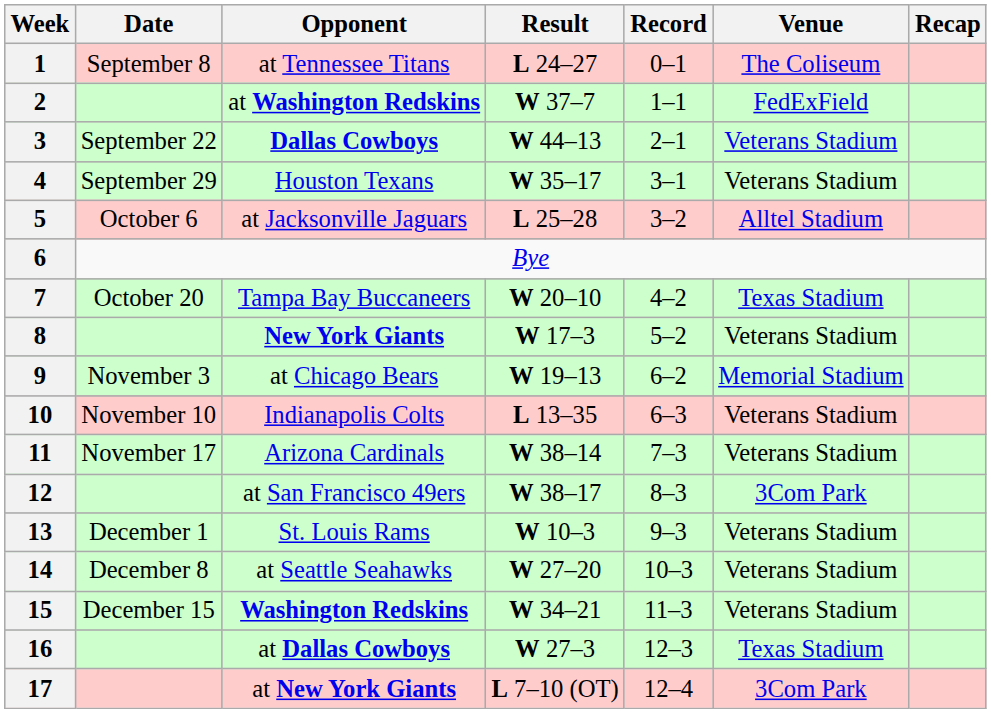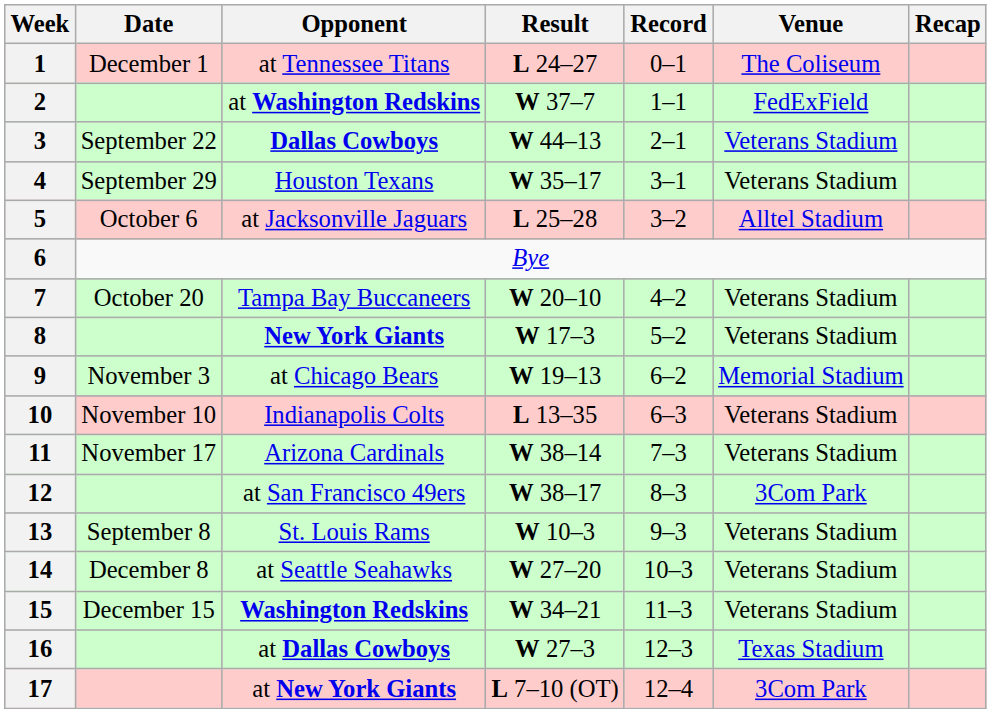 <table class="wikitable" style="text-align:center">
 <tr>
 <th>Week</th>
 <th>Date</th>
 <th>Opponent</th>
 <th>Result</th>
 <th>Record</th>
 <th>Venue</th>
 <th>Recap</th>
 </tr>
 <tr style="background:#fcc">
 <th>1</th>
-<td>September 8</td>
+<td>December 1</td>
 <td>at <a href='#'>Tennessee Titans</a></td>
 <td><strong>L</strong> 24–27</td>
 <td>0–1</td>
 <td><a href='#'>The Coliseum</a></td>
 <td></td>
 </tr>
 <tr style="background:#cfc">
 <th>2</th>
 <td></td>
 <td>at <strong><a href='#'>Washington Redskins</a></strong></td>
 <td><strong>W</strong> 37–7</td>
 <td>1–1</td>
 <td><a href='#'>FedExField</a></td>
 <td></td>
 </tr>
 <tr style="background:#cfc">
 <th>3</th>
 <td>September 22</td>
 <td><strong><a href='#'>Dallas Cowboys</a></strong></td>
 <td><strong>W</strong> 44–13</td>
 <td>2–1</td>
 <td><a href='#'>Veterans Stadium</a></td>
 <td></td>
 </tr>
 <tr style="background:#cfc">
 <th>4</th>
 <td>September 29</td>
 <td><a href='#'>Houston Texans</a></td>
 <td><strong>W</strong> 35–17</td>
 <td>3–1</td>
 <td>Veterans Stadium</td>
 <td></td>
 </tr>
 <tr style="background:#fcc">
 <th>5</th>
 <td>October 6</td>
 <td>at <a href='#'>Jacksonville Jaguars</a></td>
 <td><strong>L</strong> 25–28</td>
 <td>3–2</td>
 <td><a href='#'>Alltel Stadium</a></td>
 <td></td>
 </tr>
 <tr>
 <th>6</th>
 <td colspan="6"><em><a href='#'>Bye</a></em></td>
 </tr>
 <tr style="background:#cfc">
 <th>7</th>
 <td>October 20</td>
 <td><a href='#'>Tampa Bay Buccaneers</a></td>
 <td><strong>W</strong> 20–10</td>
 <td>4–2</td>
-<td><a href='#'>Texas Stadium</a></td>
+<td>Veterans Stadium</td>
 <td></td>
 </tr>
 <tr style="background:#cfc">
 <th>8</th>
 <td></td>
 <td><strong><a href='#'>New York Giants</a></strong></td>
 <td><strong>W</strong> 17–3</td>
 <td>5–2</td>
 <td>Veterans Stadium</td>
 <td></td>
 </tr>
 <tr style="background:#cfc">
 <th>9</th>
 <td>November 3</td>
 <td>at <a href='#'>Chicago Bears</a></td>
 <td><strong>W</strong> 19–13</td>
 <td>6–2</td>
 <td><a href='#'>Memorial Stadium</a></td>
 <td></td>
 </tr>
 <tr style="background:#fcc">
 <th>10</th>
 <td>November 10</td>
 <td><a href='#'>Indianapolis Colts</a></td>
 <td><strong>L</strong> 13–35</td>
 <td>6–3</td>
 <td>Veterans Stadium</td>
 <td></td>
 </tr>
 <tr style="background:#cfc">
 <th>11</th>
 <td>November 17</td>
 <td><a href='#'>Arizona Cardinals</a></td>
 <td><strong>W</strong> 38–14</td>
 <td>7–3</td>
 <td>Veterans Stadium</td>
 <td></td>
 </tr>
 <tr style="background:#cfc">
 <th>12</th>
 <td></td>
 <td>at <a href='#'>San Francisco 49ers</a></td>
 <td><strong>W</strong> 38–17</td>
 <td>8–3</td>
 <td><a href='#'>3Com Park</a></td>
 <td></td>
 </tr>
 <tr style="background:#cfc">
 <th>13</th>
-<td>December 1</td>
+<td>September 8</td>
 <td><a href='#'>St. Louis Rams</a></td>
 <td><strong>W</strong> 10–3</td>
 <td>9–3</td>
 <td>Veterans Stadium</td>
 <td></td>
 </tr>
 <tr style="background:#cfc">
 <th>14</th>
 <td>December 8</td>
 <td>at <a href='#'>Seattle Seahawks</a></td>
 <td><strong>W</strong> 27–20</td>
 <td>10–3</td>
 <td>Veterans Stadium</td>
 <td></td>
 </tr>
 <tr style="background:#cfc">
 <th>15</th>
 <td>December 15</td>
 <td><strong><a href='#'>Washington Redskins</a></strong></td>
 <td><strong>W</strong> 34–21</td>
 <td>11–3</td>
 <td>Veterans Stadium</td>
 <td></td>
 </tr>
 <tr style="background:#cfc">
 <th>16</th>
 <td></td>
 <td>at <strong><a href='#'>Dallas Cowboys</a></strong></td>
 <td><strong>W</strong> 27–3</td>
 <td>12–3</td>
 <td><a href='#'>Texas Stadium</a></td>
 <td></td>
 </tr>
 <tr style="background:#fcc">
 <th>17</th>
 <td></td>
 <td>at <strong><a href='#'>New York Giants</a></strong></td>
 <td><strong>L</strong> 7–10 (OT)</td>
 <td>12–4</td>
 <td><a href='#'>3Com Park</a></td>
 <td></td>
 </tr>
 </table>
